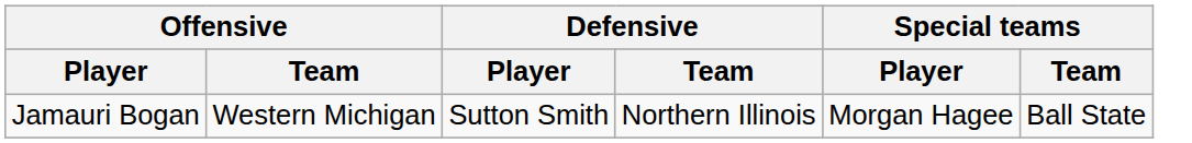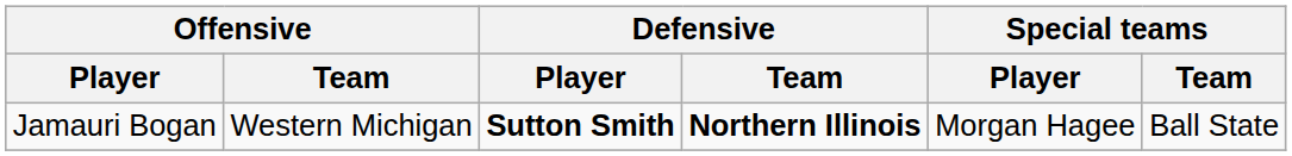 <table class="wikitable" style="display: inline-table;">
 <tr>
 <th colspan="2">Offensive</th>
 <th colspan="2">Defensive</th>
 <th colspan="2">Special teams</th>
 </tr>
 <tr>
 <th>Player</th>
 <th>Team</th>
 <th>Player</th>
 <th>Team</th>
 <th>Player</th>
 <th>Team</th>
 </tr>
 <tr>
 <td>Jamauri Bogan</td>
 <td>Western Michigan</td>
-<td>Sutton Smith</td>
-<td>Northern Illinois</td>
+<td><strong>Sutton Smith</strong></td>
+<td><strong>Northern Illinois</strong></td>
 <td>Morgan Hagee</td>
 <td>Ball State</td>
 </tr>
 </table>
